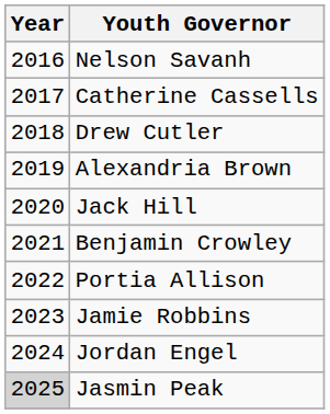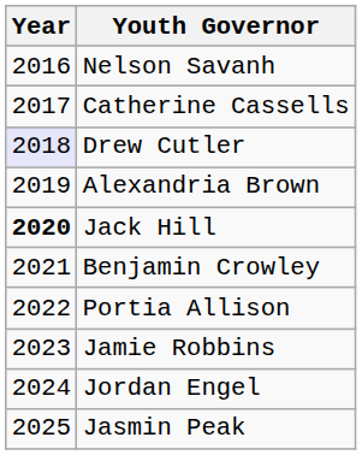 <table class="wikitable">
 <tr>
 <th>Year</th>
 <th>Youth Governor</th>
 </tr>
 <tr>
 <td>2016</td>
 <td>Nelson Savanh</td>
 </tr>
 <tr>
 <td>2017</td>
 <td>Catherine Cassells</td>
 </tr>
 <tr>
-<td>2018</td>
+<td style="background: lavender;">2018</td>
 <td>Drew Cutler</td>
 </tr>
 <tr>
 <td>2019</td>
 <td>Alexandria Brown</td>
 </tr>
 <tr>
-<td>2020</td>
+<td><strong>2020</strong></td>
 <td>Jack Hill</td>
 </tr>
 <tr>
 <td>2021</td>
 <td>Benjamin Crowley</td>
 </tr>
 <tr>
 <td>2022</td>
 <td>Portia Allison</td>
 </tr>
 <tr>
 <td>2023</td>
 <td>Jamie Robbins</td>
 </tr>
 <tr>
 <td>2024</td>
 <td>Jordan Engel</td>
 </tr>
 <tr>
-<td style="background: lightgrey;">2025</td>
+<td>2025</td>
 <td>Jasmin Peak</td>
 </tr>
 </table>
